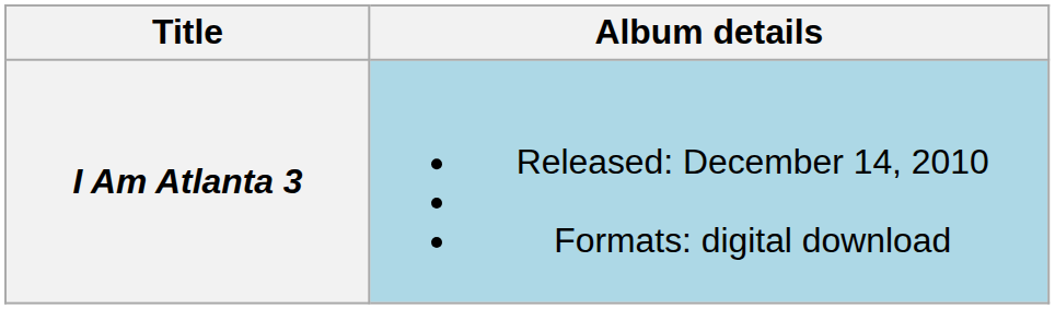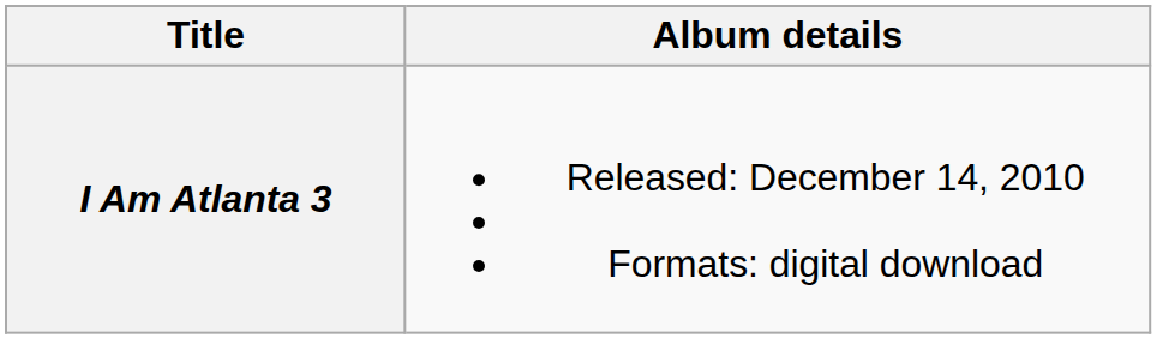 <table class="wikitable plainrowheaders" style="text-align:center;" border="1">
 <tr>
 <th scope="col" style="width:10em;">Title</th>
 <th scope="col" style="width:19em;">Album details</th>
 </tr>
 <tr>
 <th scope="row"><em>I Am Atlanta 3</em></th>
-<td style="background: lightblue;"><br><ul><li>Released: December 14, 2010</li><li></li><li>Formats: digital download</li></ul></td>
+<td><br><ul><li>Released: December 14, 2010</li><li></li><li>Formats: digital download</li></ul></td>
 </tr>
 </table>
